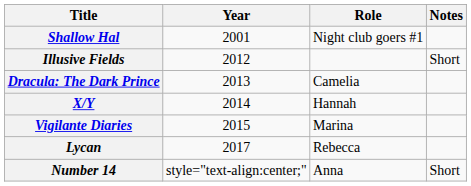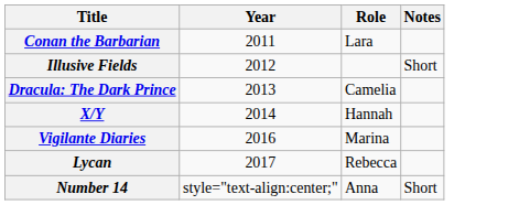 <table class="wikitable plainrowheaders sortable" style="margin-right: 0;">
 <tr>
 <th scope="col">Title</th>
 <th scope="col">Year</th>
 <th scope="col">Role</th>
 <th scope="col" class="unsortable">Notes</th>
 </tr>
 <tr>
-<th scope="row"><em><a href='#'>Shallow Hal</a></em></th>
-<td style="text-align:center;">2001</td>
-<td>Night club goers #1</td>
+<th scope="row"><em><a href='#'>Conan the Barbarian</a></em></th>
+<td style="text-align:center;">2011</td>
+<td>Lara</td>
 <td></td>
 </tr>
 <tr>
 <th scope="row"><em>Illusive Fields</em></th>
 <td style="text-align:center;">2012</td>
 <td></td>
 <td>Short</td>
 </tr>
 <tr>
 <th scope="row"><em><a href='#'>Dracula: The Dark Prince</a></em></th>
 <td style="text-align:center;">2013</td>
 <td>Camelia</td>
 <td></td>
 </tr>
 <tr>
 <th scope="row"><em><a href='#'>X/Y</a></em></th>
 <td style="text-align:center;">2014</td>
 <td>Hannah</td>
 <td></td>
 </tr>
 <tr>
 <th scope="row"><em><a href='#'>Vigilante Diaries</a></em></th>
-<td style="text-align:center;">2015</td>
+<td style="text-align:center;">2016</td>
 <td>Marina</td>
 <td></td>
 </tr>
 <tr>
 <th scope="row"><em>Lycan</em></th>
 <td style="text-align:center;">2017</td>
 <td>Rebecca</td>
 <td></td>
 </tr>
 <tr>
 <th scope="row"><em>Number 14</em></th>
 <td>style="text-align:center;" </td>
 <td>Anna</td>
 <td>Short</td>
 </tr>
 </table>
